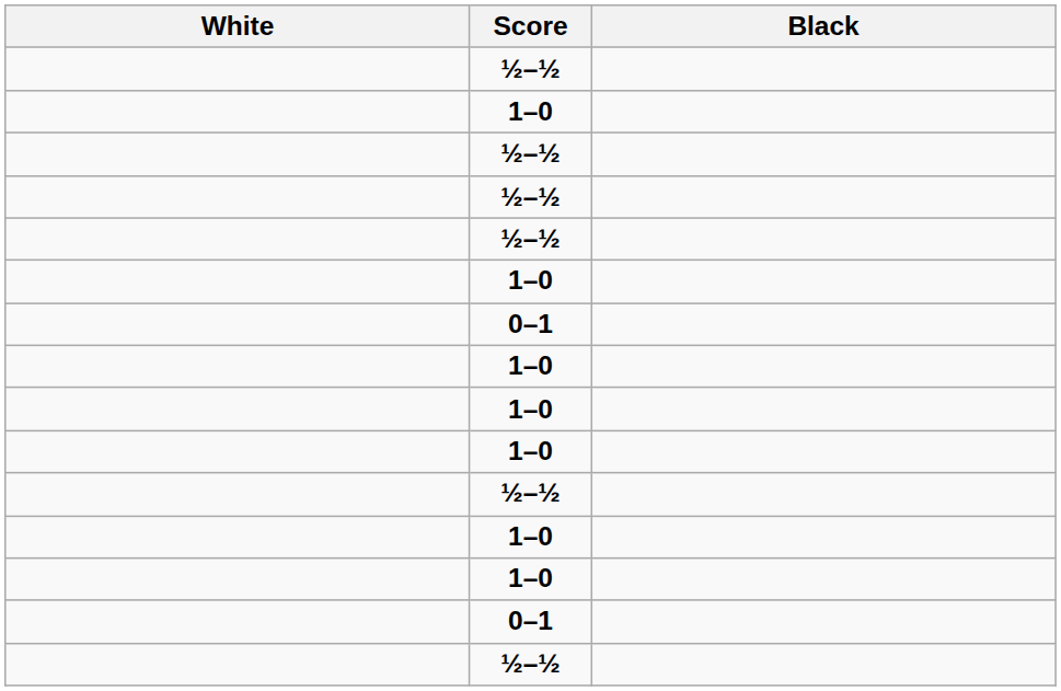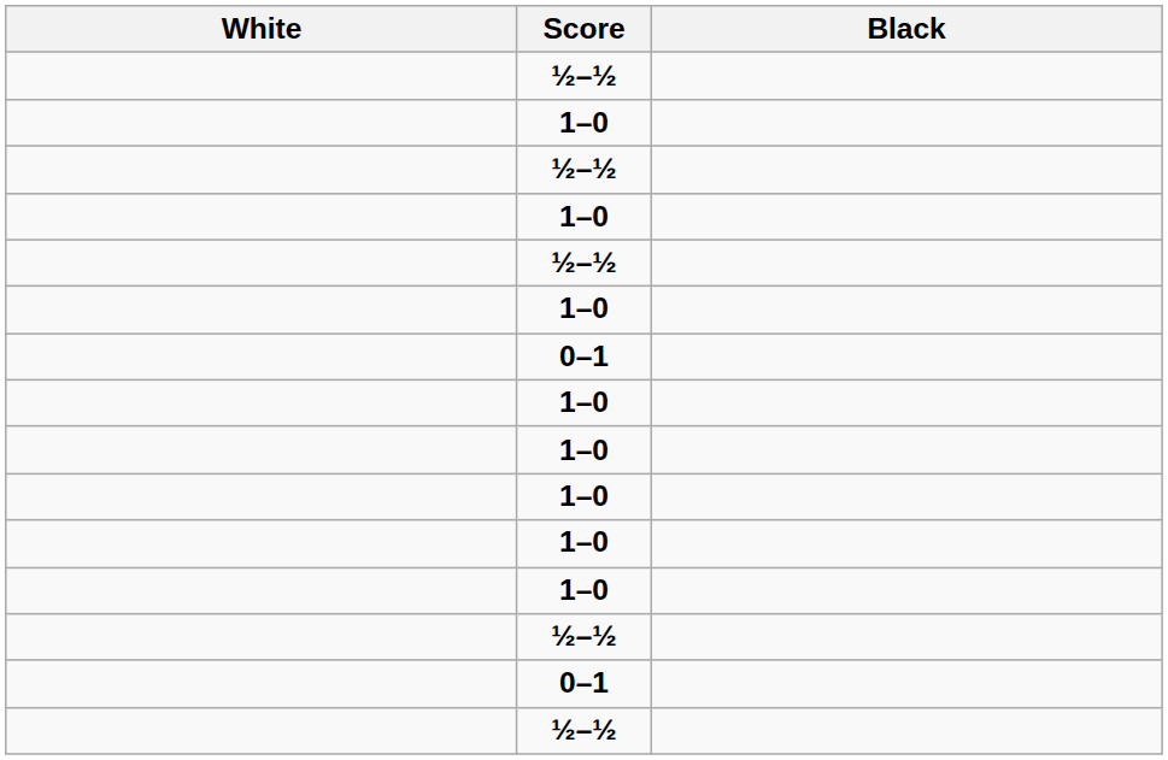 <table class="wikitable" style="text-align: center;">
 <tr>
 <th align="right" width="270">White</th>
 <th width="65">Score</th>
 <th align="left" width="270">Black</th>
 </tr>
 <tr>
 <td align=left></td>
 <td align=center><strong>½–½</strong></td>
 <td align=left></td>
 </tr>
 <tr>
 <td align=left><strong></strong></td>
 <td align=center><strong>1–0</strong></td>
 <td align=left></td>
 </tr>
 <tr>
 <td align=left></td>
 <td align=center><strong>½–½</strong></td>
 <td align=left></td>
 </tr>
 <tr>
 <td align=left></td>
-<td align=center><strong>½–½</strong></td>
+<td align=center><strong>1–0</strong></td>
 <td align=left></td>
 </tr>
 <tr>
 <td align=left><strong></strong></td>
 <td align=center><strong>½–½</strong></td>
 <td align=left></td>
 </tr>
 <tr>
 <td align=left><strong></strong></td>
 <td align=center><strong>1–0</strong></td>
 <td align=left></td>
 </tr>
 <tr>
 <td align=left></td>
 <td align=center><strong>0–1</strong></td>
 <td align=left><strong></strong></td>
 </tr>
 <tr>
 <td align=left><strong></strong></td>
 <td align=center><strong>1–0</strong></td>
 <td align=left></td>
 </tr>
 <tr>
 <td align=left></td>
 <td align=center><strong>1–0</strong></td>
 <td align=left><strong></strong></td>
 </tr>
 <tr>
 <td align=left><strong></strong></td>
 <td align=center><strong>1–0</strong></td>
 <td align=left></td>
 </tr>
 <tr>
 <td align=left><strong></strong></td>
-<td align=center><strong>½–½</strong></td>
+<td align=center><strong>1–0</strong></td>
 <td align=left></td>
 </tr>
 <tr>
 <td align=left><strong></strong></td>
 <td align=center><strong>1–0</strong></td>
 <td align=left></td>
 </tr>
 <tr>
 <td align=left></td>
-<td align=center><strong>1–0</strong></td>
+<td align=center><strong>½–½</strong></td>
 <td align=left></td>
 </tr>
 <tr>
 <td align=left></td>
 <td align=center><strong>0–1</strong></td>
 <td align=left><strong></strong></td>
 </tr>
 <tr>
 <td align=left></td>
 <td align=center><strong>½–½</strong></td>
 <td align=left></td>
 </tr>
 </table>
